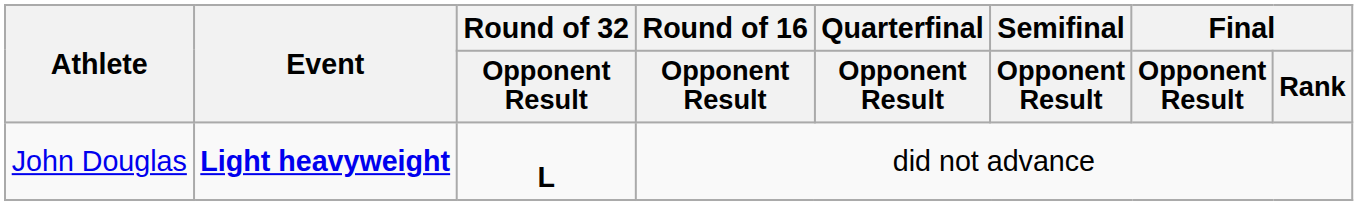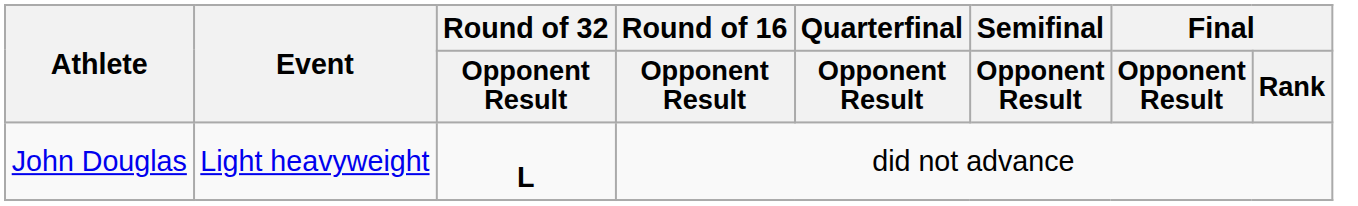 <table class=wikitable style=font-size:90%;text-align:center>
 <tr>
 <th rowspan=2>Athlete</th>
 <th rowspan=2>Event</th>
 <th>Round of 32</th>
 <th>Round of 16</th>
 <th>Quarterfinal</th>
 <th>Semifinal</th>
 <th colspan=2>Final</th>
 </tr>
 <tr style=font-size:95%>
 <th>Opponent<br>Result</th>
 <th>Opponent<br>Result</th>
 <th>Opponent<br>Result</th>
 <th>Opponent<br>Result</th>
 <th>Opponent<br>Result</th>
 <th>Rank</th>
 </tr>
 <tr>
 <td align=left><a href='#'>John Douglas</a></td>
-<td align=left><strong><a href='#'>Light heavyweight</a></strong></td>
+<td align=left><a href='#'>Light heavyweight</a></td>
 <td><br><strong>L</strong> </td>
 <td colspan=5>did not advance</td>
 </tr>
 </table>
